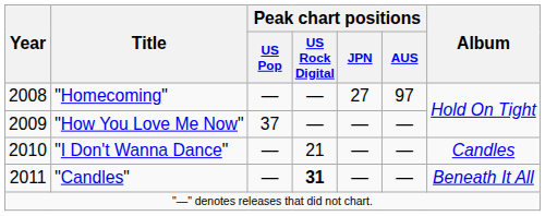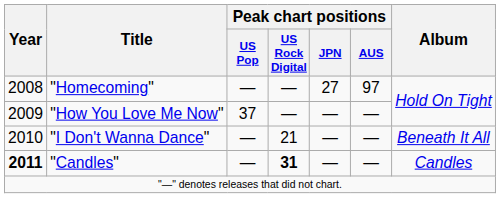 <table class="wikitable">
 <tr>
 <th rowspan="2">Year</th>
 <th rowspan="2">Title</th>
 <th colspan="4">Peak chart positions</th>
 <th rowspan="2">Album</th>
 </tr>
 <tr>
 <th style="width:3em;font-size:75%"><a href='#'>US Pop</a><br></th>
 <th style="width:3em;font-size:75%"><a href='#'>US Rock Digital</a><br></th>
 <th style="width:3em;font-size:75%"><a href='#'>JPN</a><br></th>
 <th style="width:3em;font-size:75%"><a href='#'>AUS</a><br></th>
 </tr>
 <tr>
 <td style="text-align:center;">2008</td>
 <td>"<a href='#'>Homecoming</a>"</td>
 <td style="text-align:center;">—</td>
 <td style="text-align:center;">—</td>
 <td style="text-align:center;">27</td>
 <td style="text-align:center;">97</td>
 <td style="text-align:center;" rowspan="2"><em><a href='#'>Hold On Tight</a></em></td>
 </tr>
 <tr>
 <td style="text-align:center;">2009</td>
 <td>"<a href='#'>How You Love Me Now</a>"</td>
 <td style="text-align:center;">37</td>
 <td style="text-align:center;">—</td>
 <td style="text-align:center;">—</td>
 <td style="text-align:center;">—</td>
 </tr>
 <tr>
 <td style="text-align:center;">2010</td>
 <td>"<a href='#'>I Don't Wanna Dance</a>"</td>
 <td style="text-align:center;">—</td>
 <td style="text-align:center;">21</td>
 <td style="text-align:center;">—</td>
 <td style="text-align:center;">—</td>
-<td style="text-align:center;"><em><a href='#'>Candles</a></em></td>
+<td style="text-align:center;"><em><a href='#'>Beneath It All</a></em></td>
 </tr>
 <tr>
-<td style="text-align:center;">2011</td>
+<td style="text-align:center;"><strong>2011</strong></td>
 <td>"<a href='#'>Candles</a>"</td>
 <td style="text-align:center;">—</td>
 <td style="text-align:center;"><strong>31</strong></td>
 <td style="text-align:center;">—</td>
 <td style="text-align:center;">—</td>
-<td style="text-align:center;"><em><a href='#'>Beneath It All</a></em></td>
+<td style="text-align:center;"><em><a href='#'>Candles</a></em></td>
 </tr>
 <tr>
 <td colspan="8" style="text-align:center; font-size:8pt;">"—" denotes releases that did not chart.</td>
 </tr>
 </table>
